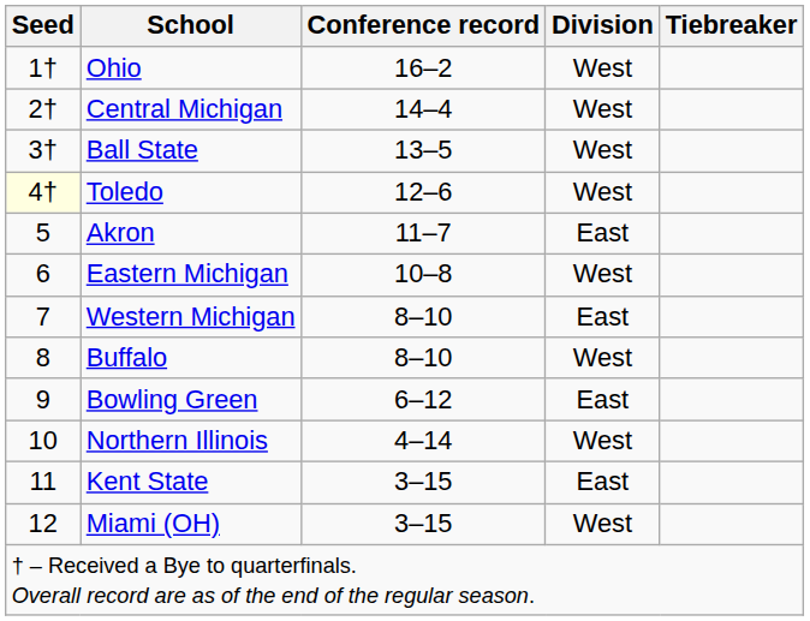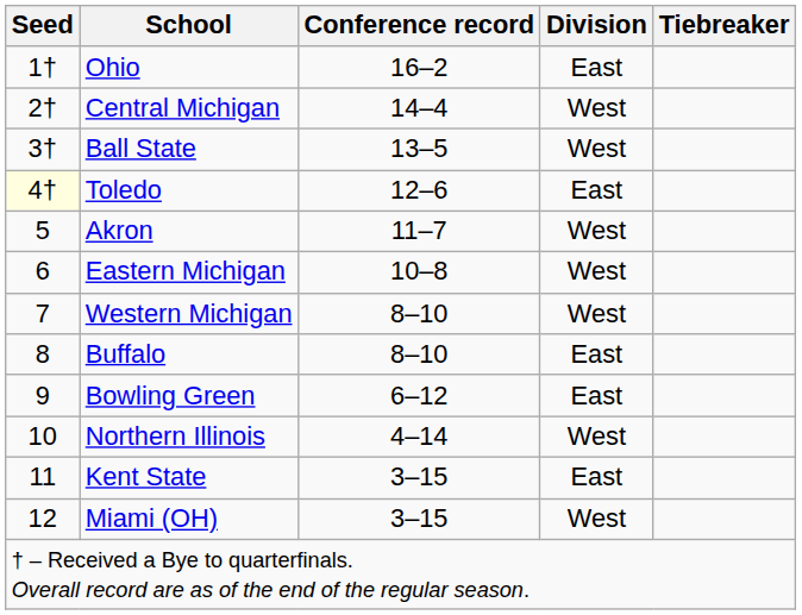 <table class="wikitable" style="text-align:center">
 <tr>
 <th>Seed</th>
 <th>School</th>
 <th>Conference record</th>
 <th>Division</th>
 <th>Tiebreaker</th>
 </tr>
 <tr>
 <td>1†</td>
 <td align=left><a href='#'>Ohio</a></td>
 <td>16–2</td>
-<td>West</td>
+<td>East</td>
 <td align=left></td>
 </tr>
 <tr>
 <td>2†</td>
 <td align=left><a href='#'>Central Michigan</a></td>
 <td>14–4</td>
 <td>West</td>
 <td align=left></td>
 </tr>
 <tr>
 <td>3†</td>
 <td align=left><a href='#'>Ball State</a></td>
 <td>13–5</td>
 <td>West</td>
 <td align=left></td>
 </tr>
 <tr>
 <td style="background: lightyellow;">4†</td>
 <td align=left><a href='#'>Toledo</a></td>
 <td>12–6</td>
-<td>West</td>
+<td>East</td>
 <td align=left></td>
 </tr>
 <tr>
 <td>5</td>
 <td align=left><a href='#'>Akron</a></td>
 <td>11–7</td>
-<td>East</td>
+<td>West</td>
 <td align=left></td>
 </tr>
 <tr>
 <td>6</td>
 <td align=left><a href='#'>Eastern Michigan</a></td>
 <td>10–8</td>
 <td>West</td>
 <td align=left></td>
 </tr>
 <tr>
 <td>7</td>
 <td align=left><a href='#'>Western Michigan</a></td>
 <td>8–10</td>
-<td>East</td>
+<td>West</td>
 <td align=left></td>
 </tr>
 <tr>
 <td>8</td>
 <td align=left><a href='#'>Buffalo</a></td>
 <td>8–10</td>
-<td>West</td>
+<td>East</td>
 <td align=left></td>
 </tr>
 <tr>
 <td>9</td>
 <td align=left><a href='#'>Bowling Green</a></td>
 <td>6–12</td>
 <td>East</td>
 <td align=left></td>
 </tr>
 <tr>
 <td>10</td>
 <td align=left><a href='#'>Northern Illinois</a></td>
 <td>4–14</td>
 <td>West</td>
 <td align=left></td>
 </tr>
 <tr>
 <td>11</td>
 <td align=left><a href='#'>Kent State</a></td>
 <td>3–15</td>
 <td>East</td>
 <td align=left></td>
 </tr>
 <tr>
 <td>12</td>
 <td align=left><a href='#'>Miami (OH)</a></td>
 <td>3–15</td>
 <td>West</td>
 <td align=left></td>
 </tr>
 <tr>
 <td colspan="5" style="text-align:left;"><small>† – Received a Bye to quarterfinals. <br><em>Overall record are as of the end of the regular season</em>.</small></td>
 </tr>
 </table>
